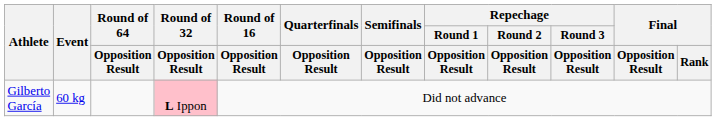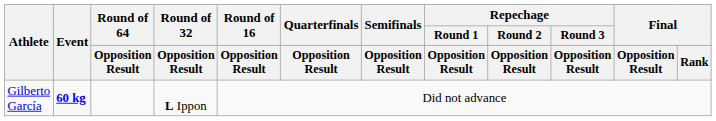 <table class="wikitable" style="font-size:90%">
 <tr>
 <th rowspan="3">Athlete</th>
 <th rowspan="3">Event</th>
 <th rowspan="2">Round of 64</th>
 <th rowspan="2">Round of 32</th>
 <th rowspan="2">Round of 16</th>
 <th rowspan="2">Quarterfinals</th>
 <th rowspan="2">Semifinals</th>
 <th colspan=3>Repechage</th>
 <th rowspan="2" colspan=2>Final</th>
 </tr>
 <tr style="font-size:95%">
 <th>Round 1</th>
 <th>Round 2</th>
 <th>Round 3</th>
 </tr>
 <tr style="font-size:95%">
 <th>Opposition<br>Result</th>
 <th>Opposition<br>Result</th>
 <th>Opposition<br>Result</th>
 <th>Opposition<br>Result</th>
 <th>Opposition<br>Result</th>
 <th>Opposition<br>Result</th>
 <th>Opposition<br>Result</th>
 <th>Opposition<br>Result</th>
 <th>Opposition<br>Result</th>
 <th>Rank</th>
 </tr>
 <tr align=center>
 <td align=left><a href='#'>Gilberto García</a></td>
-<td align=left><a href='#'>60 kg</a></td>
+<td align=left><strong><a href='#'>60 kg</a></strong></td>
 <td></td>
-<td style="background: pink;"><br><strong>L</strong> Ippon</td>
+<td><br><strong>L</strong> Ippon</td>
 <td colspan=8>Did not advance</td>
 </tr>
 </table>
